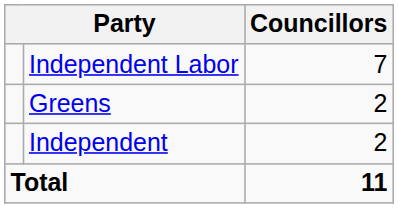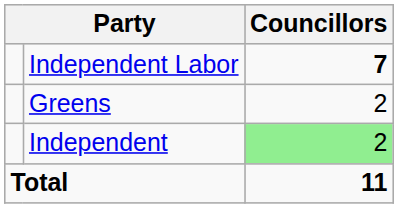 <table class="wikitable">
 <tr>
 <th colspan="2">Party</th>
 <th>Councillors</th>
 </tr>
 <tr>
 <td> </td>
 <td><a href='#'>Independent Labor</a></td>
-<td align=right>7</td>
+<td align=right><strong>7</strong></td>
 </tr>
 <tr>
 <td> </td>
 <td><a href='#'>Greens</a></td>
 <td align=right>2</td>
 </tr>
 <tr>
 <td> </td>
 <td><a href='#'>Independent</a></td>
-<td align=right>2</td>
+<td align=right style="background: lightgreen;">2</td>
 </tr>
 <tr>
 <td colspan="2"><strong>Total</strong></td>
 <td align=right><strong>11</strong></td>
 </tr>
 </table>
